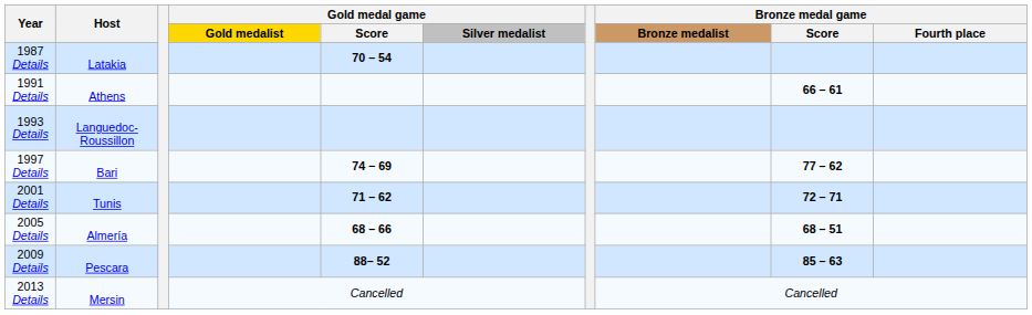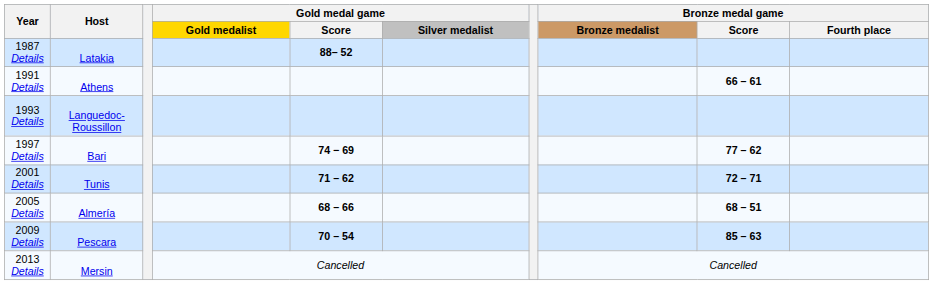 <table class=wikitable style="text-align:center; font-size:90%;">
 <tr bgcolor=#C1D8FF>
 <th rowspan=2 width=5%>Year</th>
 <th rowspan=2 width=10%>Host</th>
 <th width=1% rowspan=10 bgcolor=ffffff></th>
 <th colspan=3>Gold medal game</th>
 <th width=1% rowspan=10 bgcolor=ffffff></th>
 <th colspan=3>Bronze medal game</th>
 </tr>
 <tr bgcolor=#EFEFEF>
 <th style="background:gold; width=15%"> Gold medalist</th>
 <th width=10%>Score</th>
 <th style="background:silver; width=15%"> Silver medalist</th>
 <th style="background:#cc9966; width=15%"> Bronze medalist</th>
 <th width=10%>Score</th>
 <th width=15%>Fourth place</th>
 </tr>
 <tr bgcolor=#D0E7FF>
 <td>1987<br><em><a href='#'>Details</a></em></td>
 <td><br><a href='#'>Latakia</a></td>
 <td><strong></strong></td>
-<td><strong>70 – 54</strong></td>
+<td><strong>88– 52</strong></td>
 <td></td>
 <td></td>
 <td></td>
 <td></td>
 </tr>
 <tr bgcolor=#F5FAFF>
 <td>1991<br><em><a href='#'>Details</a></em></td>
 <td><br><a href='#'>Athens</a></td>
 <td><strong></strong></td>
 <td></td>
 <td></td>
 <td></td>
 <td><strong>66 – 61</strong></td>
 <td></td>
 </tr>
 <tr bgcolor=#D0E7FF>
 <td>1993<br><em><a href='#'>Details</a></em></td>
 <td><br><a href='#'>Languedoc-Roussillon</a></td>
 <td><strong></strong></td>
 <td></td>
 <td></td>
 <td></td>
 <td></td>
 <td></td>
 </tr>
 <tr bgcolor=#F5FAFF>
 <td>1997<br><em><a href='#'>Details</a></em></td>
 <td><br><a href='#'>Bari</a></td>
 <td><strong></strong></td>
 <td><strong>74 − 69</strong></td>
 <td></td>
 <td></td>
 <td><strong>77 – 62</strong></td>
 <td></td>
 </tr>
 <tr bgcolor=#D0E7FF>
 <td>2001<br><em><a href='#'>Details</a></em></td>
 <td><br><a href='#'>Tunis</a></td>
 <td><strong></strong></td>
 <td><strong>71 – 62</strong></td>
 <td></td>
 <td></td>
 <td><strong>72 – 71</strong></td>
 <td></td>
 </tr>
 <tr bgcolor=#F5FAFF>
 <td>2005<br> <em><a href='#'>Details</a></em></td>
 <td><br><a href='#'>Almería</a></td>
 <td><strong></strong></td>
 <td><strong>68 – 66</strong></td>
 <td></td>
 <td></td>
 <td><strong>68 – 51</strong></td>
 <td></td>
 </tr>
 <tr bgcolor=#D0E7FF>
 <td>2009<br><em><a href='#'>Details</a></em></td>
 <td><br><a href='#'>Pescara</a></td>
 <td><strong></strong></td>
-<td><strong>88– 52</strong></td>
+<td><strong>70 – 54</strong></td>
 <td></td>
 <td></td>
 <td><strong>85 – 63</strong></td>
 <td></td>
 </tr>
 <tr bgcolor=#F5FAFF>
 <td>2013<br><em><a href='#'>Details</a></em></td>
 <td><br><a href='#'>Mersin</a></td>
 <td colspan=3><em>Cancelled</em></td>
 <td colspan=3><em>Cancelled</em></td>
 </tr>
 </table>
